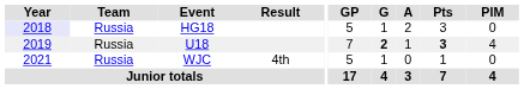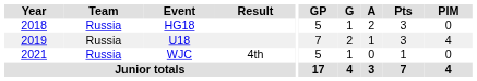 <table border="0" cellpadding="1" cellspacing="0" ID="Table3" style="text-align:center; width:40em">
 <tr ALIGN="center" bgcolor="#e0e0e0">
 <th>Year</th>
 <th>Team</th>
 <th>Event</th>
 <th>Result</th>
 <th rowspan="100" bgcolor="#ffffff"></th>
 <th>GP</th>
 <th>G</th>
 <th>A</th>
 <th>Pts</th>
 <th>PIM</th>
 </tr>
 <tr>
-<td style="background: lavender;"><a href='#'>2018</a></td>
+<td><a href='#'>2018</a></td>
 <td><a href='#'>Russia</a></td>
 <td><a href='#'>HG18</a></td>
 <td></td>
 <td>5</td>
 <td>1</td>
 <td>2</td>
 <td>3</td>
 <td>0</td>
 </tr>
 <tr bgcolor="#f0f0f0">
 <td><a href='#'>2019</a></td>
 <td>Russia</td>
 <td><a href='#'>U18</a></td>
 <td></td>
 <td>7</td>
-<td><strong>2</strong></td>
+<td>2</td>
 <td>1</td>
-<td><strong>3</strong></td>
+<td>3</td>
 <td>4</td>
 </tr>
 <tr>
 <td><a href='#'>2021</a></td>
 <td><a href='#'>Russia</a></td>
 <td><a href='#'>WJC</a></td>
 <td>4th</td>
 <td>5</td>
 <td>1</td>
 <td>0</td>
 <td>1</td>
 <td>0</td>
 </tr>
 <tr bgcolor="#e0e0e0">
 <th colspan="4">Junior totals</th>
 <th>17</th>
 <th>4</th>
 <th>3</th>
 <th>7</th>
 <th>4</th>
 </tr>
 </table>
